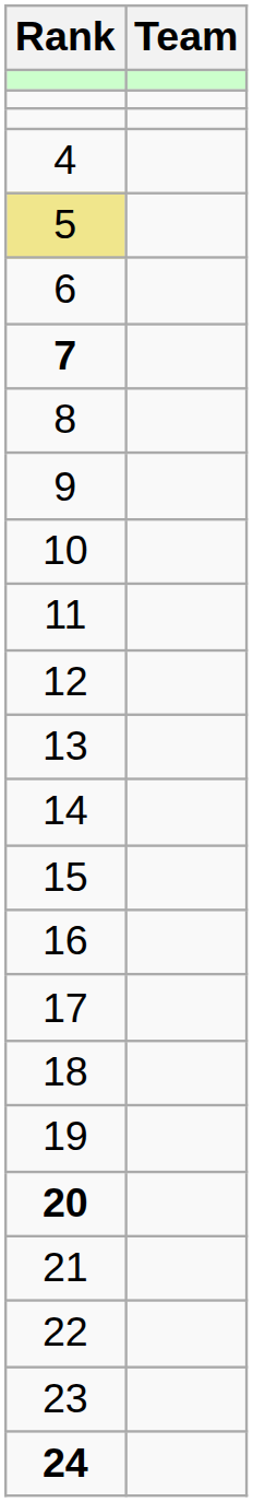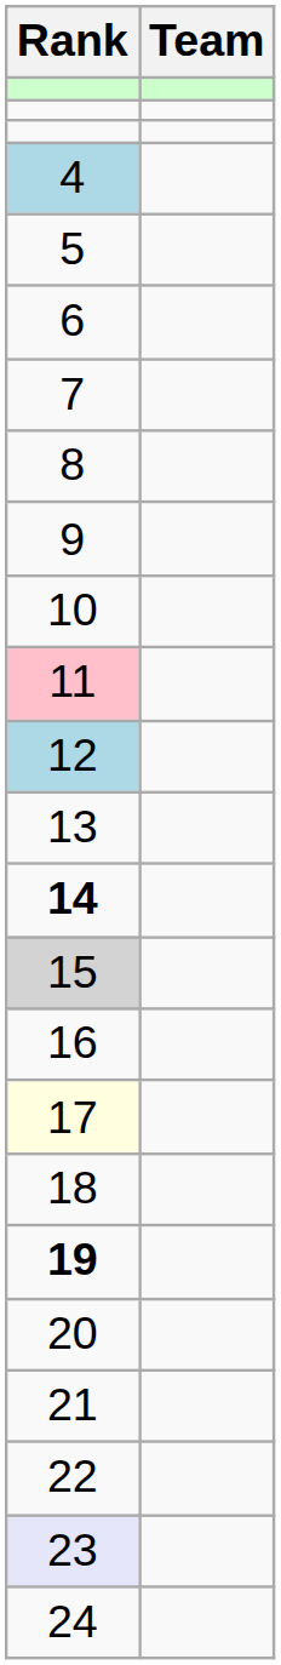 <table class="wikitable" style="text-align:center;">
 <tr>
 <th>Rank</th>
 <th>Team</th>
 </tr>
 <tr bgcolor=#ccffcc>
 <td></td>
 <td style="text-align:left;"></td>
 </tr>
 <tr>
 <td></td>
 <td style="text-align:left;"></td>
 </tr>
 <tr>
 <td></td>
 <td style="text-align:left;"></td>
 </tr>
 <tr>
-<td>4</td>
+<td style="background: lightblue;">4</td>
 <td style="text-align:left;"></td>
 </tr>
 <tr>
-<td style="background: khaki;">5</td>
+<td>5</td>
 <td style="text-align:left;"></td>
 </tr>
 <tr>
 <td>6</td>
 <td style="text-align:left;"></td>
 </tr>
 <tr>
-<td><strong>7</strong></td>
+<td>7</td>
 <td style="text-align:left;"></td>
 </tr>
 <tr>
 <td>8</td>
 <td style="text-align:left;"></td>
 </tr>
 <tr>
 <td>9</td>
 <td style="text-align:left;"></td>
 </tr>
 <tr>
 <td>10</td>
 <td style="text-align:left;"></td>
 </tr>
 <tr>
-<td>11</td>
+<td style="background: pink;">11</td>
 <td style="text-align:left;"></td>
 </tr>
 <tr>
-<td>12</td>
+<td style="background: lightblue;">12</td>
 <td style="text-align:left;"></td>
 </tr>
 <tr>
 <td>13</td>
 <td style="text-align:left;"></td>
 </tr>
 <tr>
-<td>14</td>
+<td><strong>14</strong></td>
 <td style="text-align:left;"></td>
 </tr>
 <tr>
-<td>15</td>
+<td style="background: lightgrey;">15</td>
 <td style="text-align:left;"></td>
 </tr>
 <tr>
 <td>16</td>
 <td style="text-align:left;"></td>
 </tr>
 <tr>
-<td>17</td>
+<td style="background: lightyellow;">17</td>
 <td style="text-align:left;"></td>
 </tr>
 <tr>
 <td>18</td>
 <td style="text-align:left;"></td>
 </tr>
 <tr>
-<td>19</td>
+<td><strong>19</strong></td>
 <td style="text-align:left;"></td>
 </tr>
 <tr>
-<td><strong>20</strong></td>
+<td>20</td>
 <td style="text-align:left;"></td>
 </tr>
 <tr>
 <td>21</td>
 <td style="text-align:left;"></td>
 </tr>
 <tr>
 <td>22</td>
 <td style="text-align:left;"></td>
 </tr>
 <tr>
-<td>23</td>
+<td style="background: lavender;">23</td>
 <td style="text-align:left;"></td>
 </tr>
 <tr>
-<td><strong>24</strong></td>
+<td>24</td>
 <td style="text-align:left;"></td>
 </tr>
 </table>
